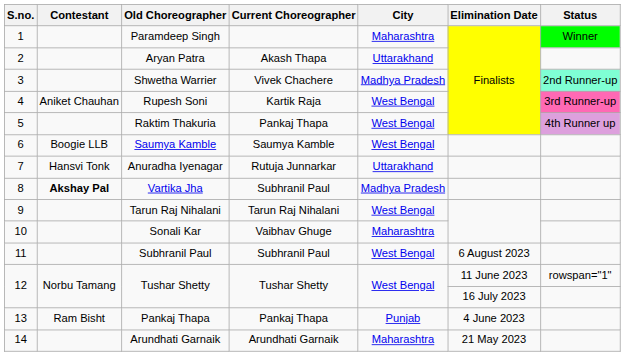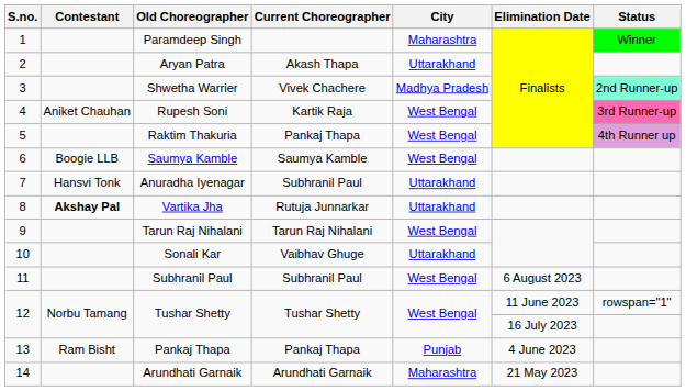 <table class="wikitable sortable" style=" text-align:center; font-size:85%; line-height:20px; width:auto;">
 <tr>
 <th>S.no.</th>
 <th>Contestant</th>
 <th>Old Choreographer</th>
 <th>Current Choreographer</th>
 <th>City</th>
 <th>Elimination Date</th>
 <th>Status</th>
 </tr>
 <tr>
 <td>1</td>
 <td></td>
 <td>Paramdeep Singh</td>
 <td></td>
 <td><a href='#'>Maharashtra</a></td>
 <td rowspan="5" bgcolor=yellow>Finalists</td>
 <td bgcolor="lime">Winner</td>
 </tr>
 <tr>
 <td>2</td>
 <td></td>
 <td>Aryan Patra</td>
 <td>Akash Thapa</td>
 <td><a href='#'>Uttarakhand</a></td>
 <td></td>
 </tr>
 <tr>
 <td>3</td>
 <td></td>
 <td>Shwetha Warrier</td>
 <td>Vivek Chachere</td>
 <td><a href='#'>Madhya Pradesh</a></td>
 <td style="background:#7FFFD4">2nd Runner-up</td>
 </tr>
 <tr>
 <td>4</td>
 <td>Aniket Chauhan</td>
 <td>Rupesh Soni</td>
 <td>Kartik Raja</td>
 <td><a href='#'>West Bengal</a></td>
 <td style="background:#FF69B4;">3rd Runner-up</td>
 </tr>
 <tr>
 <td>5</td>
 <td></td>
 <td>Raktim Thakuria</td>
 <td>Pankaj Thapa</td>
 <td><a href='#'>West Bengal</a></td>
 <td style="background:#DDA0DD; text-align:center;">4th Runner up</td>
 </tr>
 <tr>
 <td>6</td>
 <td>Boogie LLB</td>
 <td><a href='#'>Saumya Kamble</a></td>
 <td>Saumya Kamble</td>
 <td><a href='#'>West Bengal</a></td>
 <td></td>
 <td></td>
 </tr>
 <tr>
 <td>7</td>
 <td>Hansvi Tonk</td>
 <td>Anuradha Iyenagar</td>
-<td>Rutuja Junnarkar</td>
+<td>Subhranil Paul</td>
 <td><a href='#'>Uttarakhand</a></td>
 <td></td>
 <td></td>
 </tr>
 <tr>
 <td>8</td>
 <td><strong>Akshay Pal</strong></td>
 <td><a href='#'>Vartika Jha</a></td>
-<td>Subhranil Paul</td>
-<td><a href='#'>Madhya Pradesh</a></td>
+<td>Rutuja Junnarkar</td>
+<td><a href='#'>Uttarakhand</a></td>
 <td></td>
 <td></td>
 </tr>
 <tr>
 <td>9</td>
 <td></td>
 <td>Tarun Raj Nihalani</td>
 <td>Tarun Raj Nihalani</td>
 <td><a href='#'>West Bengal</a></td>
 <td rowspan="2"></td>
 <td></td>
 </tr>
 <tr>
 <td>10</td>
 <td></td>
 <td>Sonali Kar</td>
 <td>Vaibhav Ghuge</td>
-<td><a href='#'>Maharashtra</a></td>
+<td><a href='#'>Uttarakhand</a></td>
 <td></td>
 </tr>
 <tr>
 <td>11</td>
 <td></td>
 <td>Subhranil Paul</td>
 <td>Subhranil Paul</td>
 <td><a href='#'>West Bengal</a></td>
 <td>6 August 2023</td>
 <td></td>
 </tr>
 <tr>
 <td rowspan="2">12</td>
 <td rowspan="2">Norbu Tamang</td>
 <td rowspan="2">Tushar Shetty</td>
 <td rowspan="2">Tushar Shetty</td>
 <td rowspan="2"><a href='#'>West Bengal</a></td>
 <td>11 June 2023</td>
 <td>rowspan="1" </td>
 </tr>
 <tr>
 <td>16 July 2023</td>
 <td></td>
 </tr>
 <tr>
 <td>13</td>
 <td>Ram Bisht</td>
 <td>Pankaj Thapa</td>
 <td>Pankaj Thapa</td>
 <td><a href='#'>Punjab</a></td>
 <td>4 June 2023</td>
 <td></td>
 </tr>
 <tr>
 <td>14</td>
 <td></td>
 <td>Arundhati Garnaik</td>
 <td>Arundhati Garnaik</td>
 <td><a href='#'>Maharashtra</a></td>
 <td>21 May 2023</td>
 <td></td>
 </tr>
 </table>
